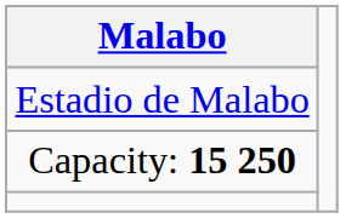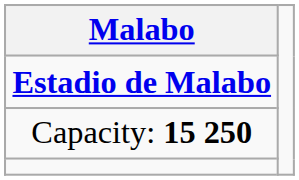 <table class="wikitable" style="text-align:center">
 <tr>
 <th><a href='#'>Malabo</a></th>
 <td rowspan=4></td>
 </tr>
 <tr>
-<td><a href='#'>Estadio de Malabo</a></td>
+<td><strong><a href='#'>Estadio de Malabo</a></strong></td>
 </tr>
 <tr>
 <td>Capacity: <strong>15 250</strong></td>
 </tr>
 <tr>
 <td></td>
 </tr>
 </table>
